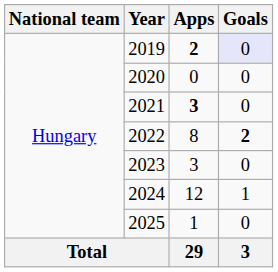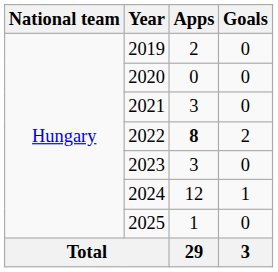 <table class="wikitable" style="text-align:center">
 <tr>
 <th>National team</th>
 <th>Year</th>
 <th>Apps</th>
 <th>Goals</th>
 </tr>
 <tr>
 <td rowspan="7"><a href='#'>Hungary</a></td>
 <td>2019</td>
-<td><strong>2</strong></td>
-<td style="background: lavender;">0</td>
+<td>2</td>
+<td>0</td>
 </tr>
 <tr>
 <td>2020</td>
 <td>0</td>
 <td>0</td>
 </tr>
 <tr>
 <td>2021</td>
-<td><strong>3</strong></td>
+<td>3</td>
 <td>0</td>
 </tr>
 <tr>
 <td>2022</td>
-<td>8</td>
-<td><strong>2</strong></td>
+<td><strong>8</strong></td>
+<td>2</td>
 </tr>
 <tr>
 <td>2023</td>
 <td>3</td>
 <td>0</td>
 </tr>
 <tr>
 <td>2024</td>
 <td>12</td>
 <td>1</td>
 </tr>
 <tr>
 <td>2025</td>
 <td>1</td>
 <td>0</td>
 </tr>
 <tr>
 <th colspan="2">Total</th>
 <th>29</th>
 <th>3</th>
 </tr>
 </table>
